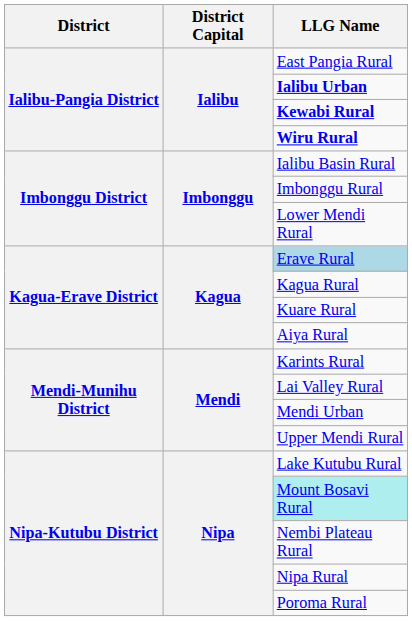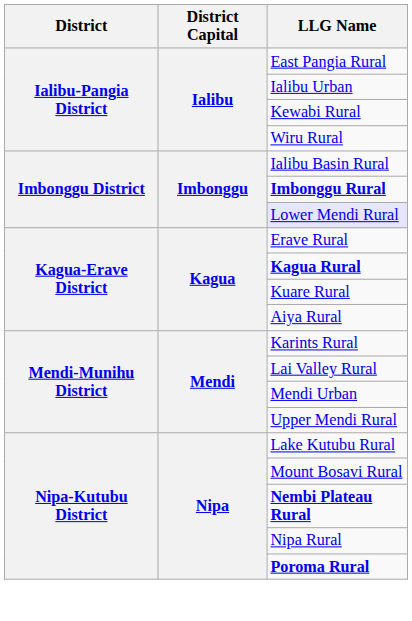 <table class="wikitable" style="text-align: left;" width="400">
 <tr>
 <th>District</th>
 <th>District Capital</th>
 <th>LLG Name</th>
 </tr>
 <tr>
 <th rowspan="4"><a href='#'>Ialibu-Pangia District</a></th>
 <th rowspan="4"><a href='#'>Ialibu</a></th>
 <td><a href='#'>East Pangia Rural</a></td>
 </tr>
 <tr>
-<td><strong><a href='#'>Ialibu Urban</a></strong></td>
+<td><a href='#'>Ialibu Urban</a></td>
 </tr>
 <tr>
-<td><strong><a href='#'>Kewabi Rural</a></strong></td>
+<td><a href='#'>Kewabi Rural</a></td>
 </tr>
 <tr>
-<td><strong><a href='#'>Wiru Rural</a></strong></td>
+<td><a href='#'>Wiru Rural</a></td>
 </tr>
 <tr>
 <th rowspan="3"><a href='#'>Imbonggu District</a></th>
 <th rowspan="3"><a href='#'>Imbonggu</a></th>
 <td><a href='#'>Ialibu Basin Rural</a></td>
 </tr>
 <tr>
-<td><a href='#'>Imbonggu Rural</a></td>
+<td><strong><a href='#'>Imbonggu Rural</a></strong></td>
 </tr>
 <tr>
-<td><a href='#'>Lower Mendi Rural</a></td>
+<td style="background: lavender;"><a href='#'>Lower Mendi Rural</a></td>
 </tr>
 <tr>
 <th rowspan="4"><a href='#'>Kagua-Erave District</a></th>
 <th rowspan="4"><a href='#'>Kagua</a></th>
-<td style="background: lightblue;"><a href='#'>Erave Rural</a></td>
+<td><a href='#'>Erave Rural</a></td>
 </tr>
 <tr>
-<td><a href='#'>Kagua Rural</a></td>
+<td><strong><a href='#'>Kagua Rural</a></strong></td>
 </tr>
 <tr>
 <td><a href='#'>Kuare Rural</a></td>
 </tr>
 <tr>
 <td><a href='#'>Aiya Rural</a></td>
 </tr>
 <tr>
 <th rowspan="4"><a href='#'>Mendi-Munihu District</a></th>
 <th rowspan="4"><a href='#'>Mendi</a></th>
 <td><a href='#'>Karints Rural</a></td>
 </tr>
 <tr>
 <td><a href='#'>Lai Valley Rural</a></td>
 </tr>
 <tr>
 <td><a href='#'>Mendi Urban</a></td>
 </tr>
 <tr>
 <td><a href='#'>Upper Mendi Rural</a></td>
 </tr>
 <tr>
 <th rowspan="5"><a href='#'>Nipa-Kutubu District</a></th>
 <th rowspan="5"><a href='#'>Nipa</a></th>
 <td><a href='#'>Lake Kutubu Rural</a></td>
 </tr>
 <tr>
-<td style="background: paleturquoise;"><a href='#'>Mount Bosavi Rural</a></td>
+<td><a href='#'>Mount Bosavi Rural</a></td>
 </tr>
 <tr>
-<td><a href='#'>Nembi Plateau Rural</a></td>
+<td><strong><a href='#'>Nembi Plateau Rural</a></strong></td>
 </tr>
 <tr>
 <td><a href='#'>Nipa Rural</a></td>
 </tr>
 <tr>
-<td><a href='#'>Poroma Rural</a></td>
+<td><strong><a href='#'>Poroma Rural</a></strong></td>
 </tr>
 </table>
